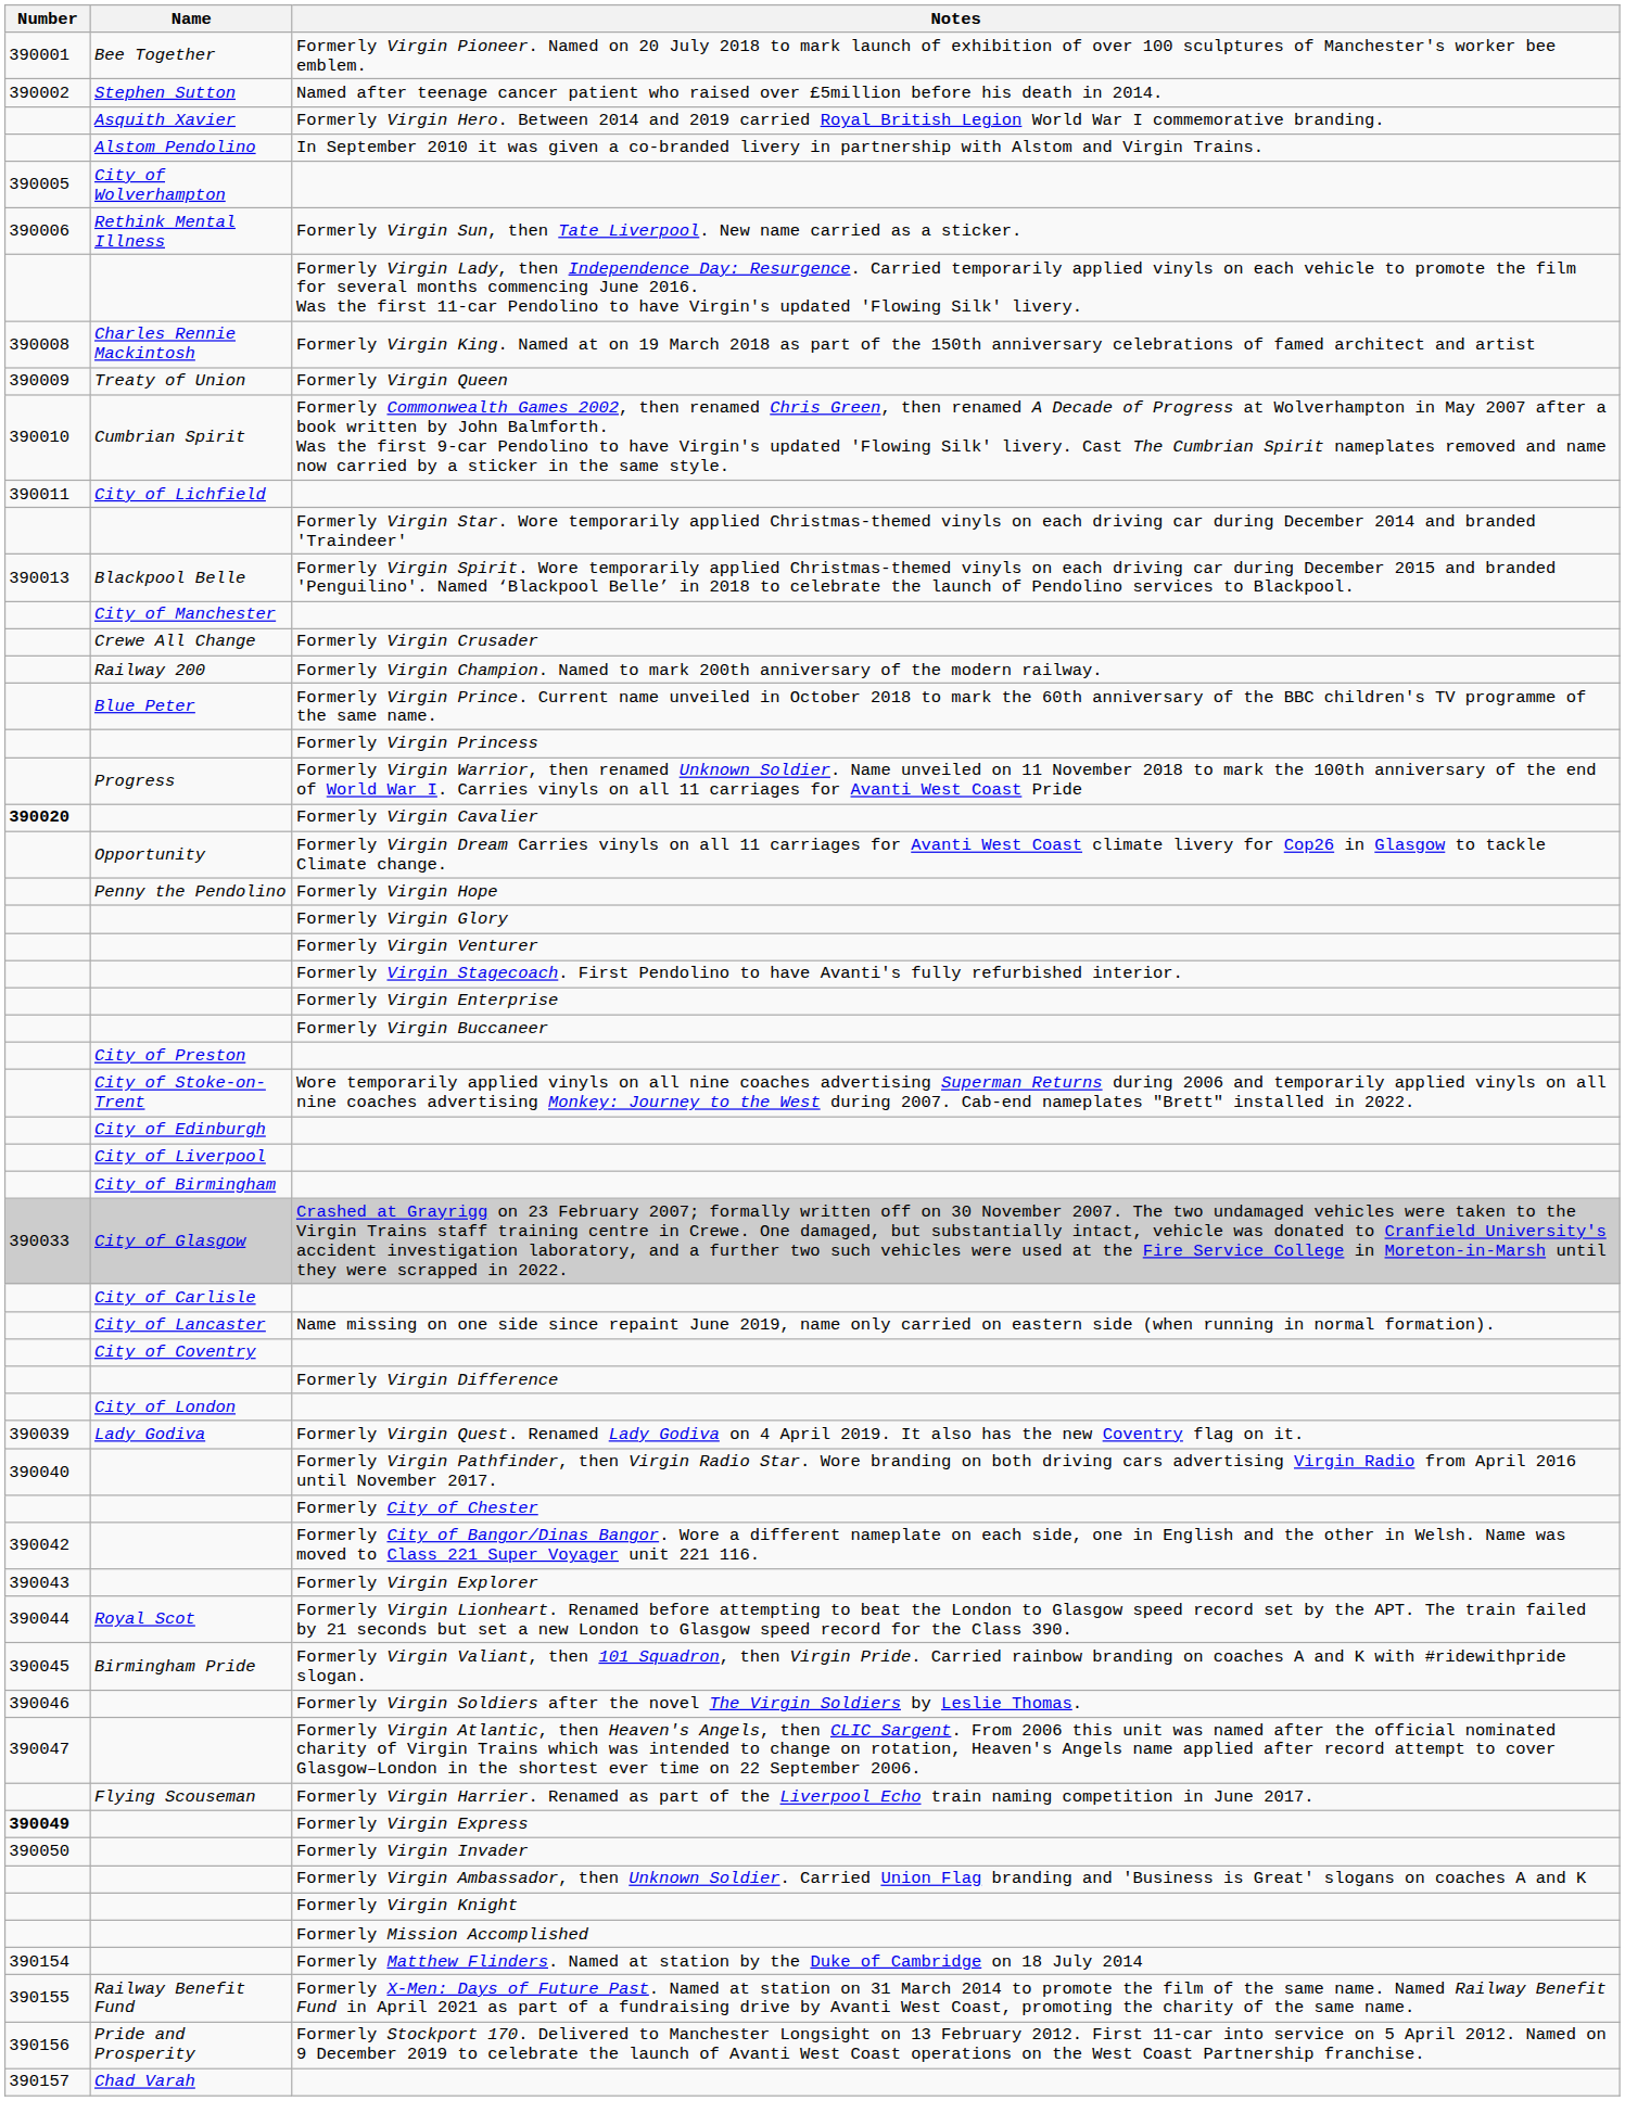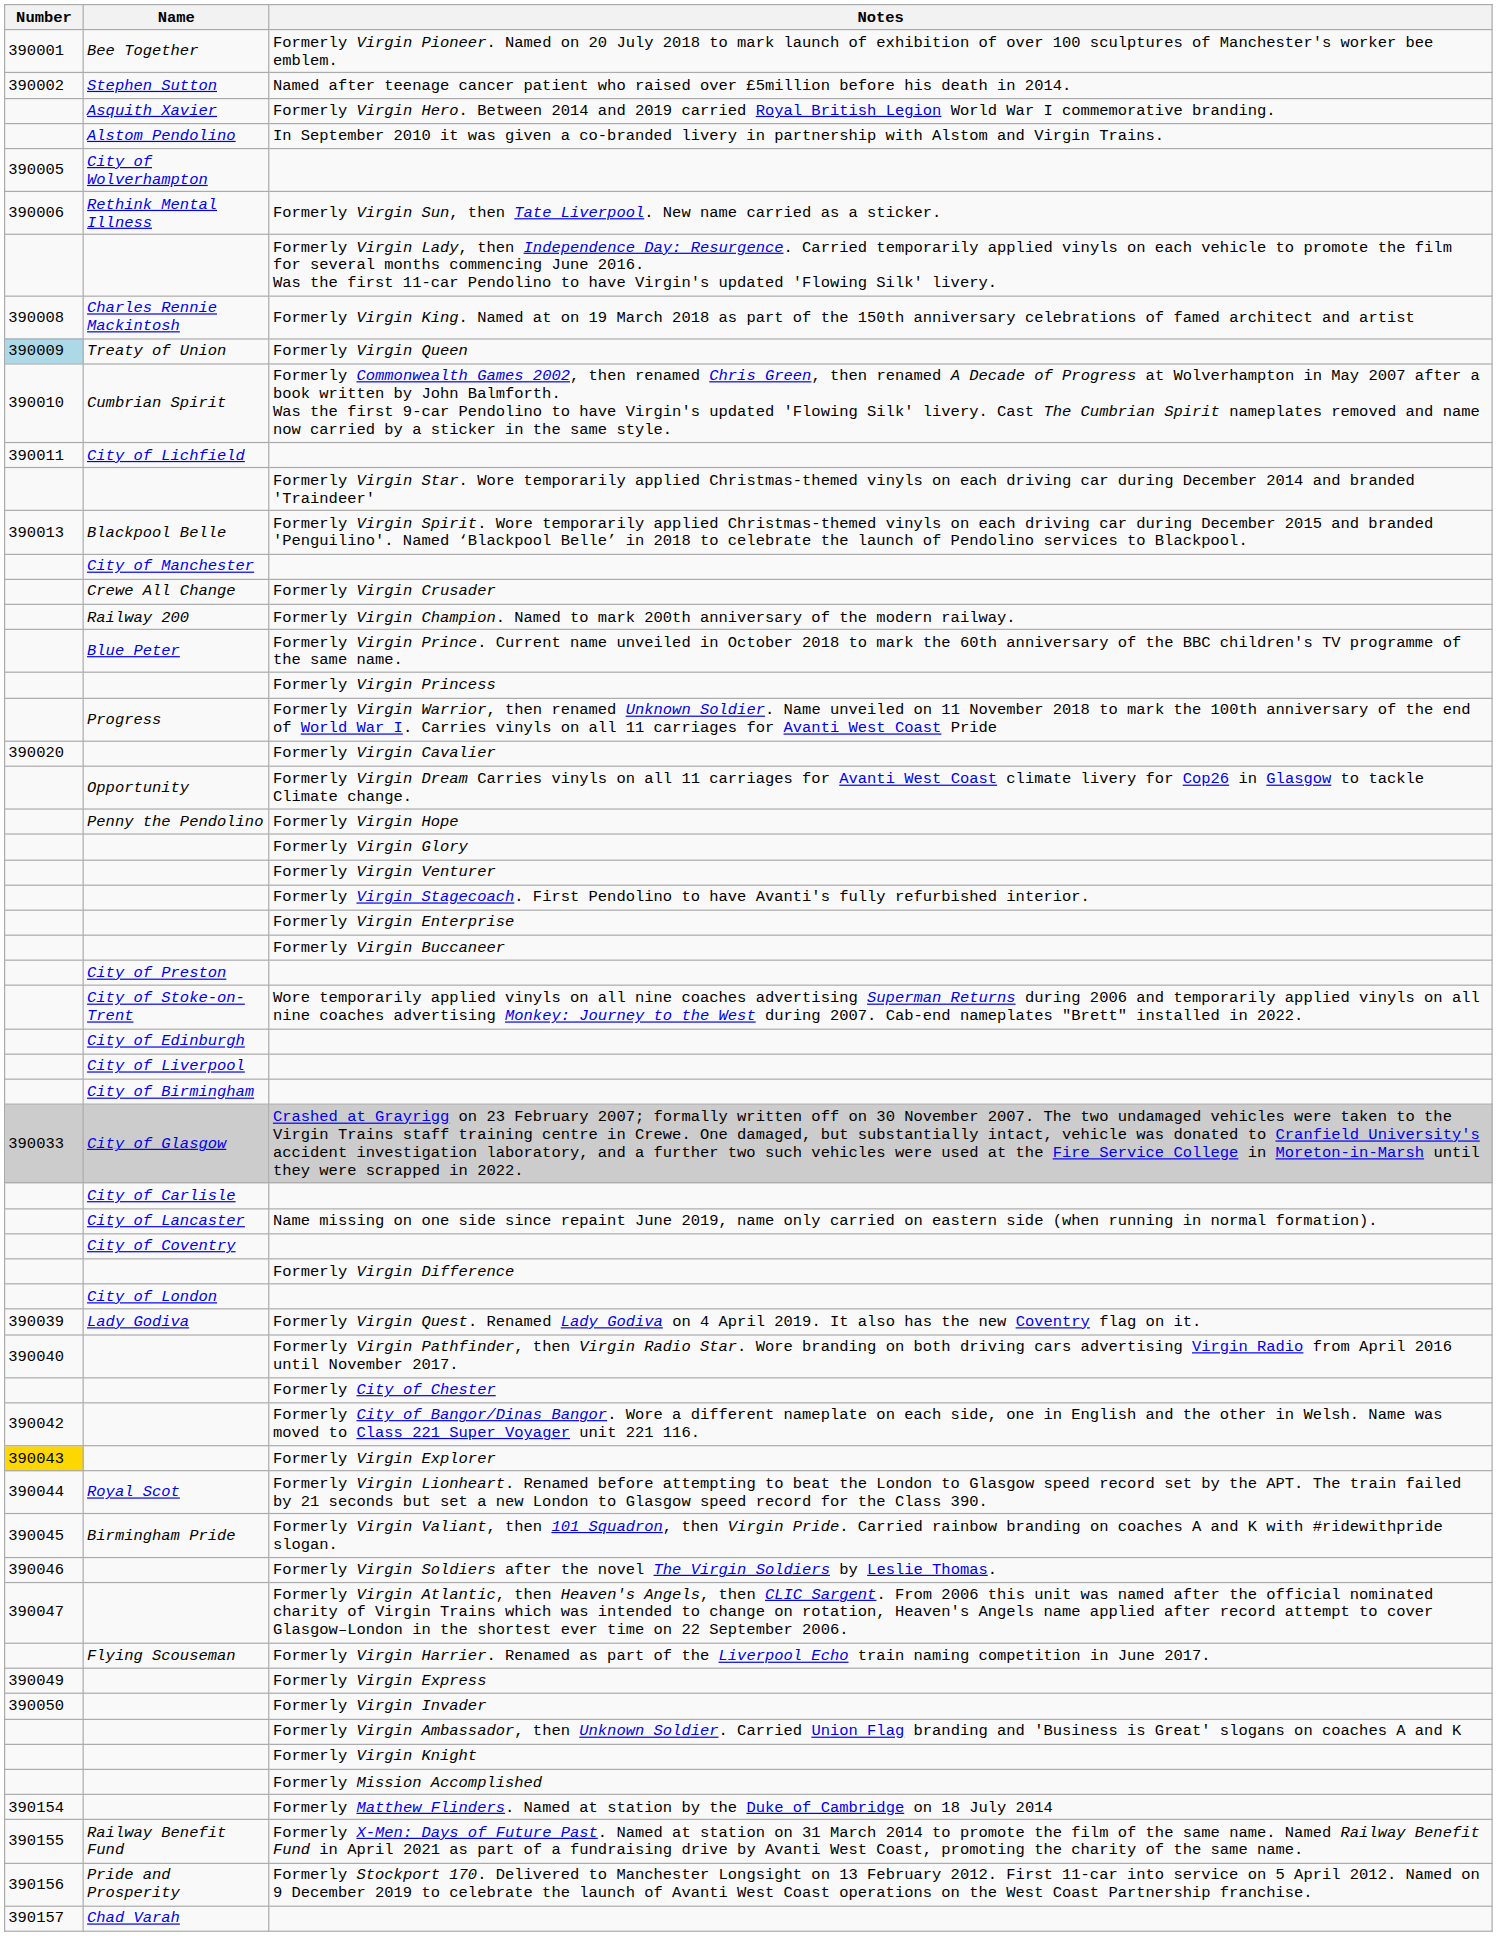 <table class="wikitable">
 <tr>
 <th width="60">Number</th>
 <th width="150">Name</th>
 <th>Notes</th>
 </tr>
 <tr>
 <td>390001</td>
 <td><em>Bee Together</em></td>
 <td>Formerly <em>Virgin Pioneer</em>. Named on 20 July 2018 to mark launch of exhibition of over 100 sculptures of Manchester's worker bee emblem.</td>
 </tr>
 <tr>
 <td>390002</td>
 <td><em><a href='#'>Stephen Sutton</a></em></td>
 <td>Named after teenage cancer patient who raised over £5million before his death in 2014.</td>
 </tr>
 <tr>
 <td></td>
 <td><em><a href='#'>Asquith Xavier</a></em></td>
 <td>Formerly <em>Virgin Hero</em>. Between 2014 and 2019 carried <a href='#'>Royal British Legion</a> World War I commemorative branding.</td>
 </tr>
 <tr>
 <td></td>
 <td><em><a href='#'>Alstom Pendolino</a></em></td>
 <td>In September 2010 it was given a  co-branded livery in partnership with Alstom and Virgin Trains.</td>
 </tr>
 <tr>
 <td>390005</td>
 <td><em><a href='#'>City of Wolverhampton</a></em></td>
 <td></td>
 </tr>
 <tr>
 <td>390006</td>
 <td><em><a href='#'>Rethink Mental Illness</a></em></td>
 <td>Formerly <em>Virgin Sun</em>, then <em><a href='#'>Tate Liverpool</a></em>. New name carried as a sticker.</td>
 </tr>
 <tr>
 <td></td>
 <td></td>
 <td>Formerly <em>Virgin Lady</em>, then <em><a href='#'>Independence Day: Resurgence</a></em>. Carried temporarily applied vinyls on each vehicle to promote the film for several months commencing June 2016.<br>Was the first 11-car Pendolino to have Virgin's updated 'Flowing Silk' livery.</td>
 </tr>
 <tr>
 <td>390008</td>
 <td><em><a href='#'>Charles Rennie Mackintosh</a></em></td>
 <td>Formerly <em>Virgin King</em>.  Named at  on 19 March 2018 as part of the 150th anniversary celebrations of famed architect and artist</td>
 </tr>
 <tr>
-<td>390009</td>
+<td style="background: lightblue;">390009</td>
 <td><em>Treaty of Union</em></td>
 <td>Formerly <em>Virgin Queen</em></td>
 </tr>
 <tr>
 <td>390010</td>
 <td><em>Cumbrian Spirit</em></td>
 <td>Formerly <em><a href='#'>Commonwealth Games 2002</a></em>, then renamed <em><a href='#'>Chris Green</a></em>, then renamed <em>A Decade of Progress</em> at Wolverhampton in May 2007 after a book written by John Balmforth.<br>Was the first 9-car Pendolino to have Virgin's updated 'Flowing Silk' livery. Cast <em>The Cumbrian Spirit</em> nameplates removed and name now carried by a sticker in the same style.</td>
 </tr>
 <tr>
 <td>390011</td>
 <td><em><a href='#'>City of Lichfield</a></em></td>
 <td></td>
 </tr>
 <tr>
 <td></td>
 <td></td>
 <td>Formerly <em>Virgin Star</em>. Wore temporarily applied Christmas-themed vinyls on each driving car during December 2014 and branded 'Traindeer'</td>
 </tr>
 <tr>
 <td>390013</td>
 <td><em>Blackpool Belle</em></td>
 <td>Formerly <em>Virgin Spirit</em>. Wore temporarily applied Christmas-themed vinyls on each driving car during December 2015 and branded 'Penguilino'. Named ‘Blackpool Belle’ in 2018 to celebrate the launch of Pendolino services to Blackpool.</td>
 </tr>
 <tr>
 <td></td>
 <td><em><a href='#'>City of Manchester</a></em></td>
 <td></td>
 </tr>
 <tr>
 <td></td>
 <td><em>Crewe All Change</em></td>
 <td>Formerly <em>Virgin Crusader</em></td>
 </tr>
 <tr>
 <td></td>
 <td><em>Railway 200</em></td>
 <td>Formerly <em>Virgin Champion</em>. Named to mark 200th anniversary of the modern railway.</td>
 </tr>
 <tr>
 <td></td>
 <td><em><a href='#'>Blue Peter</a></em></td>
 <td>Formerly <em>Virgin Prince</em>. Current name unveiled in October 2018 to mark the 60th anniversary of the BBC children's TV programme of the same name.</td>
 </tr>
 <tr>
 <td></td>
 <td></td>
 <td>Formerly <em>Virgin Princess</em></td>
 </tr>
 <tr>
 <td></td>
 <td><em>Progress</em></td>
 <td>Formerly <em>Virgin Warrior</em>, then renamed <em><a href='#'>Unknown Soldier</a></em>. Name unveiled on 11 November 2018 to mark the 100th anniversary of the end of <a href='#'>World War I</a>. Carries vinyls on all 11 carriages for <a href='#'>Avanti West Coast</a> Pride</td>
 </tr>
 <tr>
-<td><strong>390020</strong></td>
+<td>390020</td>
 <td></td>
 <td>Formerly <em>Virgin Cavalier</em></td>
 </tr>
 <tr>
 <td></td>
 <td><em>Opportunity</em></td>
 <td>Formerly <em>Virgin Dream</em> Carries vinyls on all 11 carriages for <a href='#'>Avanti West Coast</a> climate livery for <a href='#'>Cop26</a> in <a href='#'>Glasgow</a> to tackle Climate change.</td>
 </tr>
 <tr>
 <td></td>
 <td><em>Penny the Pendolino</em></td>
 <td>Formerly <em>Virgin Hope</em></td>
 </tr>
 <tr>
 <td></td>
 <td></td>
 <td>Formerly <em>Virgin Glory</em></td>
 </tr>
 <tr>
 <td></td>
 <td></td>
 <td>Formerly <em>Virgin Venturer</em></td>
 </tr>
 <tr>
 <td></td>
 <td></td>
 <td>Formerly <em><a href='#'>Virgin Stagecoach</a></em>. First Pendolino to have Avanti's fully refurbished interior.</td>
 </tr>
 <tr>
 <td></td>
 <td></td>
 <td>Formerly <em>Virgin Enterprise</em></td>
 </tr>
 <tr>
 <td></td>
 <td></td>
 <td>Formerly <em>Virgin Buccaneer</em></td>
 </tr>
 <tr>
 <td></td>
 <td><em><a href='#'>City of Preston</a></em></td>
 <td></td>
 </tr>
 <tr>
 <td></td>
 <td><em><a href='#'>City of Stoke-on-Trent</a></em></td>
 <td>Wore temporarily applied vinyls on all nine coaches advertising <em><a href='#'>Superman Returns</a></em> during 2006 and temporarily applied vinyls on all nine coaches advertising <em><a href='#'>Monkey: Journey to the West</a></em> during 2007. Cab-end nameplates "Brett" installed in 2022.</td>
 </tr>
 <tr>
 <td></td>
 <td><em><a href='#'>City of Edinburgh</a></em></td>
 <td></td>
 </tr>
 <tr>
 <td></td>
 <td><em><a href='#'>City of Liverpool</a></em></td>
 <td></td>
 </tr>
 <tr>
 <td></td>
 <td><em><a href='#'>City of Birmingham</a></em></td>
 <td></td>
 </tr>
 <tr bgcolor="#cccccc">
 <td>390033</td>
 <td><em><a href='#'>City of Glasgow</a></em></td>
 <td><a href='#'>Crashed at Grayrigg</a> on 23 February 2007; formally written off on 30 November 2007. The two undamaged vehicles were taken to the Virgin Trains staff training centre in Crewe. One damaged, but substantially intact, vehicle was donated to <a href='#'>Cranfield University's</a> accident investigation laboratory, and a further two such vehicles were used at the <a href='#'>Fire Service College</a> in <a href='#'>Moreton-in-Marsh</a> until they were scrapped in 2022.</td>
 </tr>
 <tr>
 <td></td>
 <td><em><a href='#'>City of Carlisle</a></em></td>
 <td></td>
 </tr>
 <tr>
 <td></td>
 <td><em><a href='#'>City of Lancaster</a></em></td>
 <td>Name missing on one side since repaint June 2019, name only carried on eastern side (when running in normal formation).</td>
 </tr>
 <tr>
 <td></td>
 <td><em><a href='#'>City of Coventry</a></em></td>
 <td></td>
 </tr>
 <tr>
 <td></td>
 <td></td>
 <td>Formerly <em>Virgin Difference</em></td>
 </tr>
 <tr>
 <td></td>
 <td><em><a href='#'>City of London</a></em></td>
 <td></td>
 </tr>
 <tr>
 <td>390039</td>
 <td><em><a href='#'>Lady Godiva</a></em></td>
 <td>Formerly <em>Virgin Quest</em>. Renamed <em><a href='#'>Lady Godiva</a></em> on 4 April 2019. It also has the new <a href='#'>Coventry</a> flag on it.</td>
 </tr>
 <tr>
 <td>390040</td>
 <td></td>
 <td>Formerly <em>Virgin Pathfinder</em>, then <em>Virgin Radio Star</em>. Wore branding on both driving cars advertising <a href='#'>Virgin Radio</a> from April 2016 until November 2017.</td>
 </tr>
 <tr>
 <td></td>
 <td></td>
 <td>Formerly <em><a href='#'>City of Chester</a></em></td>
 </tr>
 <tr>
 <td>390042</td>
 <td></td>
 <td>Formerly <em><a href='#'>City of Bangor/Dinas Bangor</a></em>. Wore a different nameplate on each side, one in English and the other in Welsh. Name was moved to <a href='#'>Class 221 Super Voyager</a> unit 221 116.</td>
 </tr>
 <tr>
-<td>390043</td>
+<td style="background: gold;">390043</td>
 <td></td>
 <td>Formerly <em>Virgin Explorer</em></td>
 </tr>
 <tr>
 <td>390044</td>
 <td><em><a href='#'>Royal Scot</a></em></td>
 <td>Formerly <em>Virgin Lionheart</em>. Renamed before attempting to beat the London to Glasgow speed record set by the APT. The train failed by 21 seconds but set a new London to Glasgow speed record for the Class 390.</td>
 </tr>
 <tr>
 <td>390045</td>
 <td><em>Birmingham Pride</em></td>
 <td>Formerly <em>Virgin Valiant</em>, then <em><a href='#'>101 Squadron</a></em>, then <em>Virgin Pride</em>. Carried rainbow branding on coaches A and K with #ridewithpride slogan.</td>
 </tr>
 <tr>
 <td>390046</td>
 <td></td>
 <td>Formerly <em>Virgin Soldiers</em> after the novel <em><a href='#'>The Virgin Soldiers</a></em> by <a href='#'>Leslie Thomas</a>.</td>
 </tr>
 <tr>
 <td>390047</td>
 <td></td>
 <td>Formerly <em>Virgin Atlantic</em>, then <em>Heaven's Angels</em>, then <em><a href='#'>CLIC Sargent</a></em>. From 2006 this unit was named after the official nominated charity of Virgin Trains which was intended to change on rotation, Heaven's Angels name applied after record attempt to cover Glasgow–London in the shortest ever time on 22 September 2006.</td>
 </tr>
 <tr>
 <td></td>
 <td><em>Flying Scouseman</em></td>
 <td>Formerly <em>Virgin Harrier</em>. Renamed as part of the <em><a href='#'>Liverpool Echo</a></em> train naming competition in June 2017.</td>
 </tr>
 <tr>
-<td><strong>390049</strong></td>
+<td>390049</td>
 <td></td>
 <td>Formerly <em>Virgin Express</em></td>
 </tr>
 <tr>
 <td>390050</td>
 <td></td>
 <td>Formerly <em>Virgin Invader</em></td>
 </tr>
 <tr>
 <td></td>
 <td></td>
 <td>Formerly <em>Virgin Ambassador</em>, then <em><a href='#'>Unknown Soldier</a></em>. Carried <a href='#'>Union Flag</a> branding and 'Business is Great' slogans on coaches A and K</td>
 </tr>
 <tr>
 <td></td>
 <td></td>
 <td>Formerly <em>Virgin Knight</em></td>
 </tr>
 <tr>
 <td></td>
 <td></td>
 <td>Formerly <em>Mission Accomplished</em></td>
 </tr>
 <tr>
 <td>390154</td>
 <td></td>
 <td>Formerly <em><a href='#'>Matthew Flinders</a></em>. Named at  station by the <a href='#'>Duke of Cambridge</a> on 18 July 2014</td>
 </tr>
 <tr>
 <td>390155</td>
 <td><em>Railway Benefit Fund</em></td>
 <td>Formerly <em><a href='#'>X-Men: Days of Future Past</a></em>. Named at  station on 31 March 2014 to promote the film of the same name. Named <em>Railway Benefit Fund</em> in April 2021 as part of a fundraising drive by Avanti West Coast, promoting the charity of the same name.</td>
 </tr>
 <tr>
 <td>390156</td>
 <td><em>Pride and Prosperity</em></td>
 <td>Formerly <em>Stockport 170</em>. Delivered to Manchester Longsight on 13 February 2012. First 11-car into service on 5 April 2012. Named on 9 December 2019 to celebrate the launch of Avanti West Coast operations on the West Coast Partnership franchise.</td>
 </tr>
 <tr>
 <td>390157</td>
 <td><em><a href='#'>Chad Varah</a></em></td>
 <td></td>
 </tr>
 </table>
